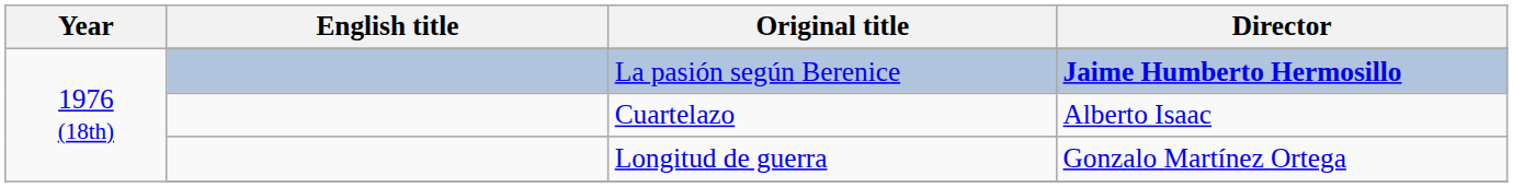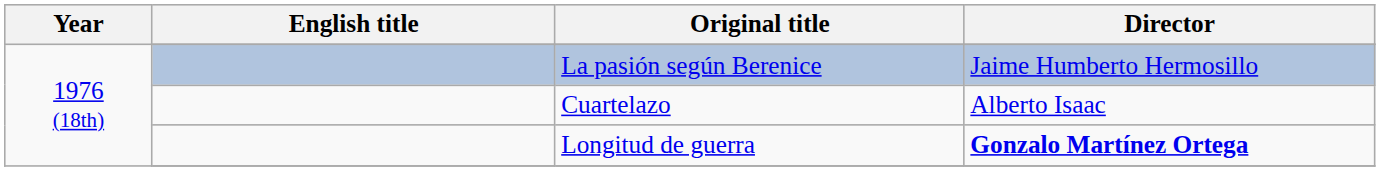 <table class="wikitable">
 <tr>
 <th width="100"><strong>Year</strong></th>
 <th width="300"><strong>English title</strong></th>
 <th width="300"><strong>Original title</strong></th>
 <th width="300"><strong>Director</strong></th>
 </tr>
 <tr>
 <td rowspan="6" style="text-align:center;"><a href='#'>1976</a><br><small><a href='#'>(18th)</a></small></td>
 </tr>
 <tr style="background:#B0C4DE;">
 <td></td>
 <td><a href='#'>La pasión según Berenice</a></td>
-<td><strong><a href='#'>Jaime Humberto Hermosillo</a></strong></td>
+<td><a href='#'>Jaime Humberto Hermosillo</a></td>
 </tr>
 <tr>
 <td></td>
 <td><a href='#'>Cuartelazo</a></td>
 <td><a href='#'>Alberto Isaac</a></td>
 </tr>
 <tr>
 <td></td>
 <td><a href='#'>Longitud de guerra</a></td>
-<td><a href='#'>Gonzalo Martínez Ortega</a></td>
+<td><strong><a href='#'>Gonzalo Martínez Ortega</a></strong></td>
 </tr>
 <tr>
 </tr>
 </table>
